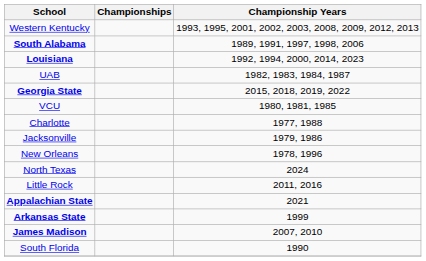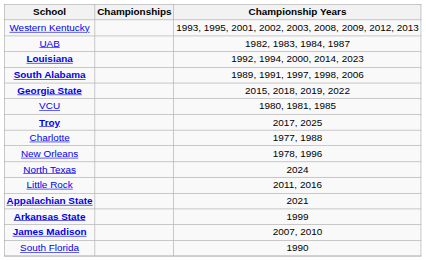 <table class="wikitable sortable" style="text-align:center">
 <tr>
 <th width=px>School</th>
 <th width=px>Championships</th>
 <th width=px>Championship Years</th>
 </tr>
 <tr>
 <td><a href='#'>Western Kentucky</a></td>
 <td></td>
 <td>1993, 1995, 2001, 2002, 2003, 2008, 2009, 2012, 2013</td>
 </tr>
 <tr>
-<td><strong><a href='#'>South Alabama</a></strong></td>
+<td><a href='#'>UAB</a></td>
 <td></td>
-<td>1989, 1991, 1997, 1998, 2006</td>
+<td>1982, 1983, 1984, 1987</td>
 </tr>
 <tr>
 <td><strong><a href='#'>Louisiana</a></strong></td>
 <td></td>
 <td>1992, 1994, 2000, 2014, 2023</td>
 </tr>
 <tr>
-<td><a href='#'>UAB</a></td>
+<td><strong><a href='#'>South Alabama</a></strong></td>
 <td></td>
-<td>1982, 1983, 1984, 1987</td>
+<td>1989, 1991, 1997, 1998, 2006</td>
 </tr>
 <tr>
 <td><strong><a href='#'>Georgia State</a></strong></td>
 <td></td>
 <td>2015, 2018, 2019, 2022</td>
 </tr>
 <tr>
 <td><a href='#'>VCU</a></td>
 <td></td>
 <td>1980, 1981, 1985</td>
 </tr>
 <tr>
+<td><strong><a href='#'>Troy</a></strong></td>
+<td></td>
+<td>2017, 2025</td>
+</tr>
+<tr>
 <td><a href='#'>Charlotte</a></td>
 <td></td>
 <td>1977, 1988</td>
-</tr>
-<tr>
-<td><a href='#'>Jacksonville</a></td>
-<td></td>
-<td>1979, 1986</td>
 </tr>
 <tr>
 <td><a href='#'>New Orleans</a></td>
 <td></td>
 <td>1978, 1996</td>
 </tr>
 <tr>
 <td><a href='#'>North Texas</a></td>
 <td></td>
 <td>2024</td>
 </tr>
 <tr>
 <td><a href='#'>Little Rock</a></td>
 <td></td>
 <td>2011, 2016</td>
 </tr>
 <tr>
 <td><strong><a href='#'>Appalachian State</a></strong></td>
 <td></td>
 <td>2021</td>
 </tr>
 <tr>
 <td><strong><a href='#'>Arkansas State</a></strong></td>
 <td></td>
 <td>1999</td>
 </tr>
 <tr>
 <td><strong><a href='#'>James Madison</a></strong></td>
 <td></td>
 <td>2007, 2010</td>
 </tr>
 <tr>
 <td><a href='#'>South Florida</a></td>
 <td></td>
 <td>1990</td>
 </tr>
 <tr>
 </tr>
 </table>
